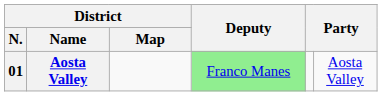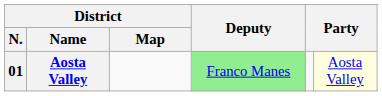 <table class="wikitable" style="text-align:center; style=" width="65%">
 <tr>
 <th colspan="3" width="35%">District</th>
 <th rowspan="2" width="25%">Deputy</th>
 <th colspan="2" rowspan="2" width="15%">Party</th>
 </tr>
 <tr>
 <th width="1%">N.</th>
 <th width="18%">Name</th>
 <th width="18%">Map</th>
 </tr>
 <tr>
 <th>01</th>
 <th><a href='#'>Aosta Valley</a></th>
 <td></td>
 <td style="background: lightgreen;"><a href='#'>Franco Manes</a></td>
 <td style="background:"></td>
-<td><a href='#'>Aosta Valley</a></td>
+<td style="background: lightyellow;"><a href='#'>Aosta Valley</a></td>
 </tr>
 </table>
